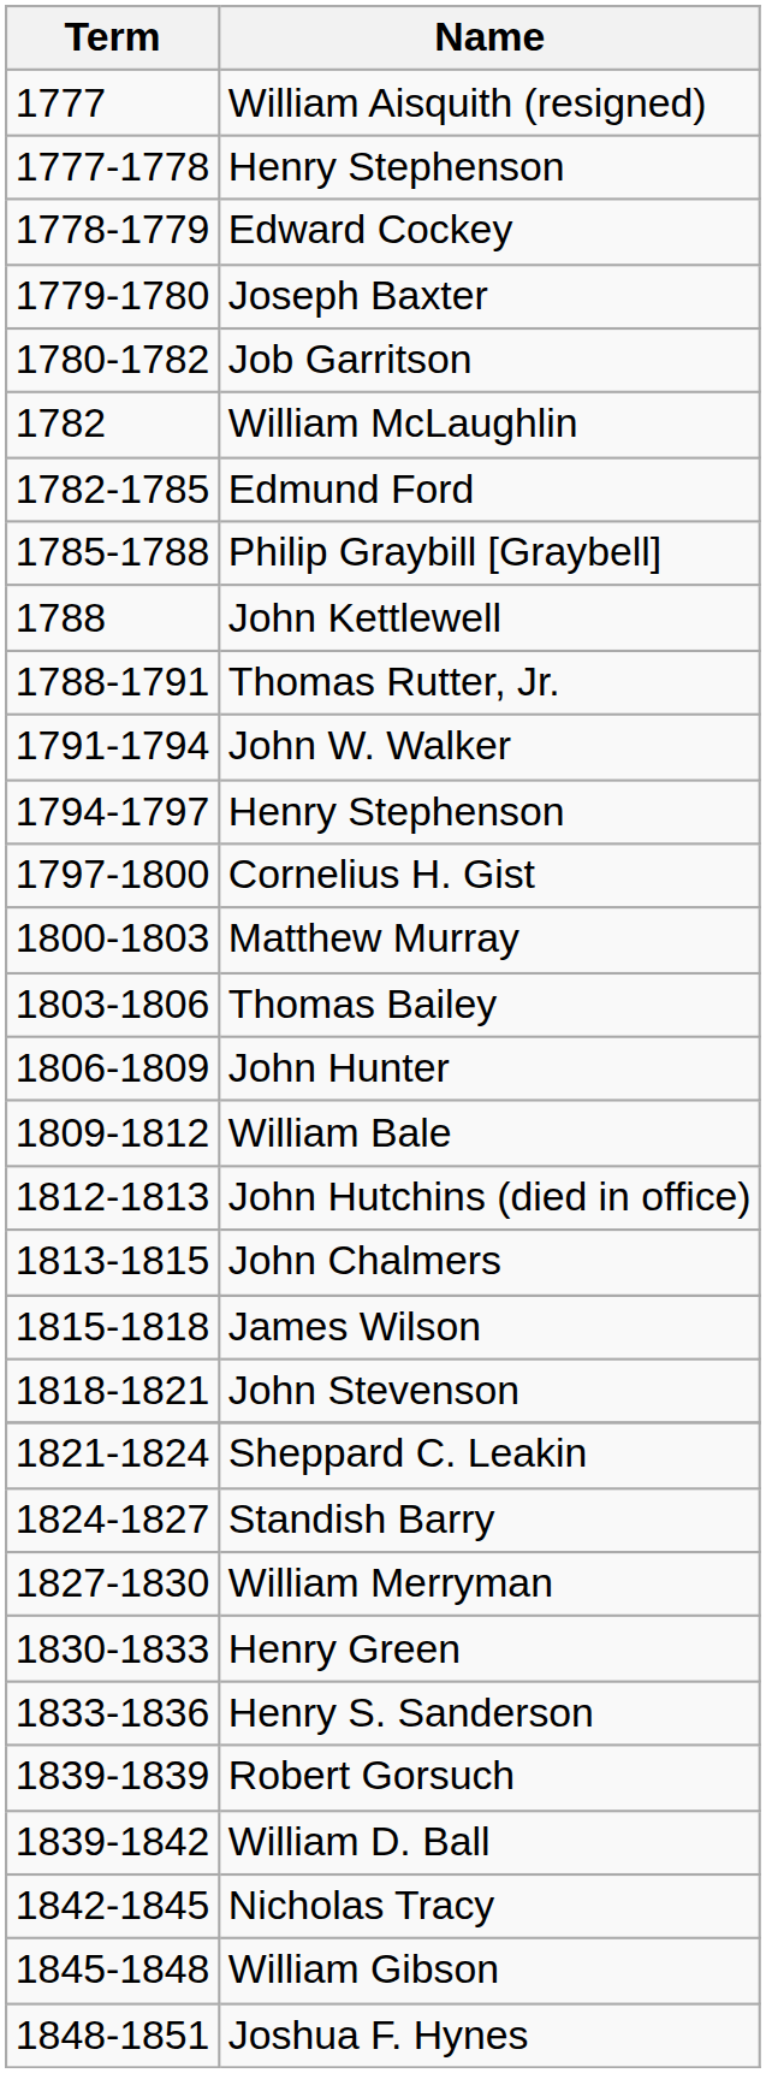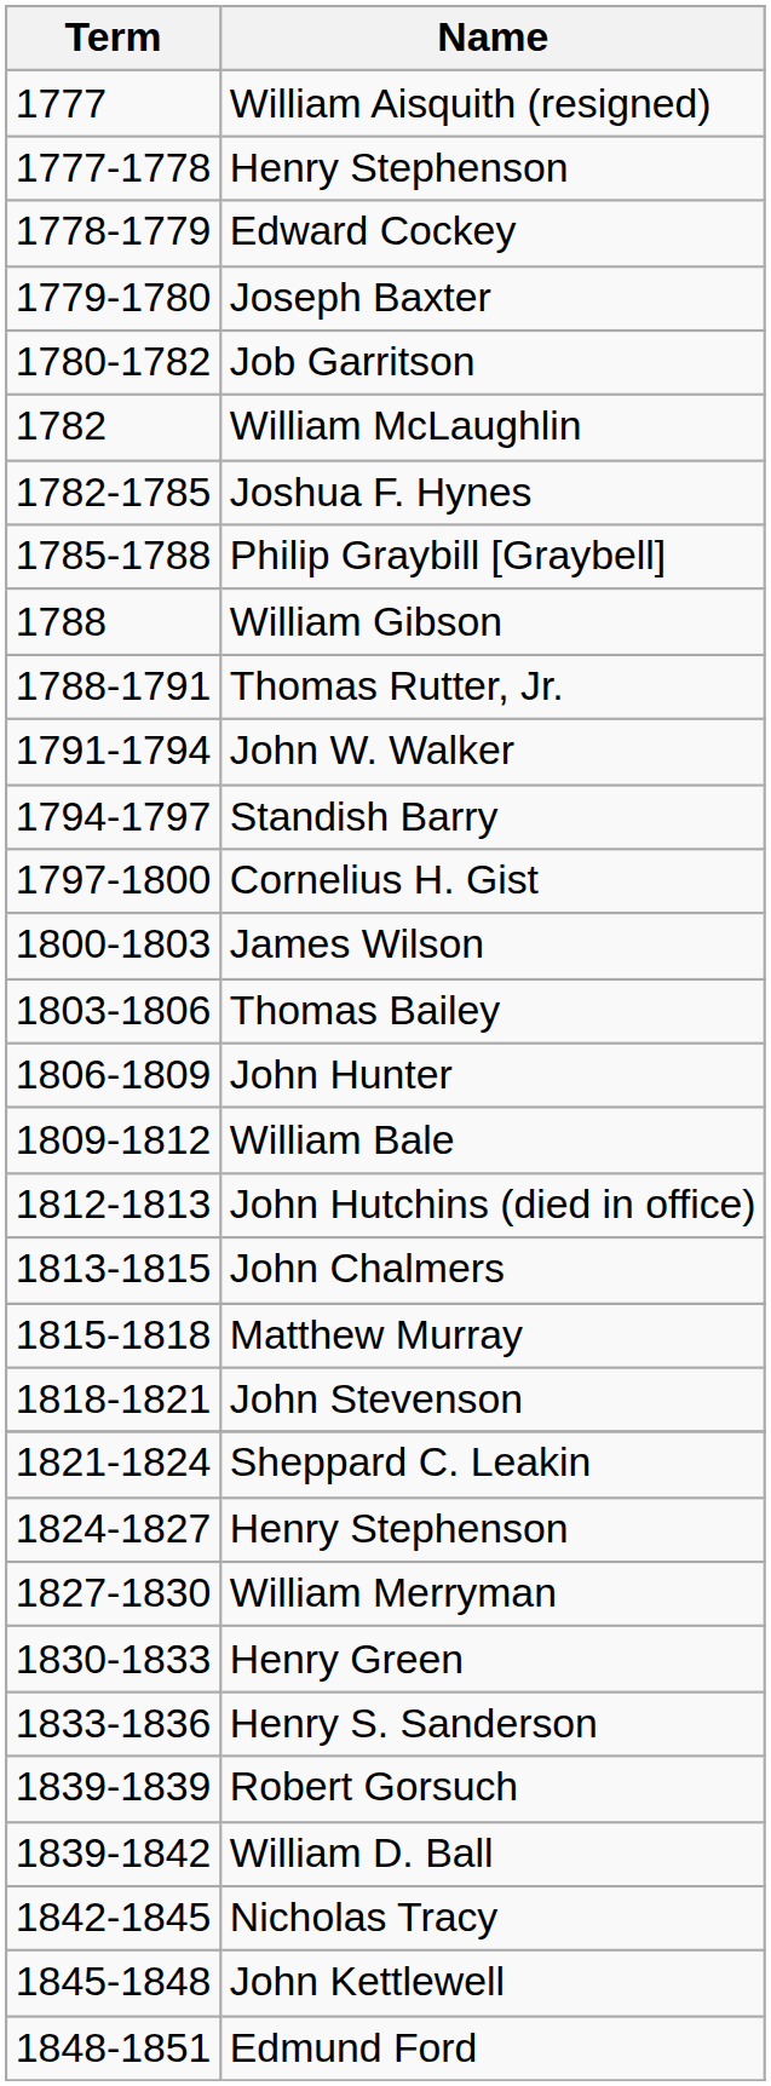 <table class="wikitable">
 <tr>
 <th>Term</th>
 <th>Name</th>
 </tr>
 <tr>
 <td>1777</td>
 <td>William Aisquith (resigned)</td>
 </tr>
 <tr>
 <td>1777-1778</td>
 <td>Henry Stephenson</td>
 </tr>
 <tr>
 <td>1778-1779</td>
 <td>Edward Cockey</td>
 </tr>
 <tr>
 <td>1779-1780</td>
 <td>Joseph Baxter</td>
 </tr>
 <tr>
 <td>1780-1782</td>
 <td>Job Garritson</td>
 </tr>
 <tr>
 <td>1782</td>
 <td>William McLaughlin</td>
 </tr>
 <tr>
 <td>1782-1785</td>
-<td>Edmund Ford</td>
+<td>Joshua F. Hynes</td>
 </tr>
 <tr>
 <td>1785-1788</td>
 <td>Philip Graybill [Graybell]</td>
 </tr>
 <tr>
 <td>1788</td>
-<td>John Kettlewell</td>
+<td>William Gibson</td>
 </tr>
 <tr>
 <td>1788-1791</td>
 <td>Thomas Rutter, Jr.</td>
 </tr>
 <tr>
 <td>1791-1794</td>
 <td>John W. Walker</td>
 </tr>
 <tr>
 <td>1794-1797</td>
-<td>Henry Stephenson</td>
+<td>Standish Barry</td>
 </tr>
 <tr>
 <td>1797-1800</td>
 <td>Cornelius H. Gist</td>
 </tr>
 <tr>
 <td>1800-1803</td>
-<td>Matthew Murray</td>
+<td>James Wilson</td>
 </tr>
 <tr>
 <td>1803-1806</td>
 <td>Thomas Bailey</td>
 </tr>
 <tr>
 <td>1806-1809</td>
 <td>John Hunter</td>
 </tr>
 <tr>
 <td>1809-1812</td>
 <td>William Bale</td>
 </tr>
 <tr>
 <td>1812-1813</td>
 <td>John Hutchins (died in office)</td>
 </tr>
 <tr>
 <td>1813-1815</td>
 <td>John Chalmers</td>
 </tr>
 <tr>
 </tr>
 <tr>
 <td>1815-1818</td>
-<td>James Wilson</td>
+<td>Matthew Murray</td>
 </tr>
 <tr>
 <td>1818-1821</td>
 <td>John Stevenson</td>
 </tr>
 <tr>
 </tr>
 <tr>
 <td>1821-1824</td>
 <td>Sheppard C. Leakin</td>
 </tr>
 <tr>
 <td>1824-1827</td>
-<td>Standish Barry</td>
+<td>Henry Stephenson</td>
 </tr>
 <tr>
 <td>1827-1830</td>
 <td>William Merryman</td>
 </tr>
 <tr>
 <td>1830-1833</td>
 <td>Henry Green</td>
 </tr>
 <tr>
 <td>1833-1836</td>
 <td>Henry S. Sanderson</td>
 </tr>
 <tr>
 <td>1839-1839</td>
 <td>Robert Gorsuch</td>
 </tr>
 <tr>
 <td>1839-1842</td>
 <td>William D. Ball</td>
 </tr>
 <tr>
 <td>1842-1845</td>
 <td>Nicholas Tracy</td>
 </tr>
 <tr>
 <td>1845-1848</td>
-<td>William Gibson</td>
+<td>John Kettlewell</td>
 </tr>
 <tr>
 <td>1848-1851</td>
-<td>Joshua F. Hynes</td>
+<td>Edmund Ford</td>
 </tr>
 </table>
